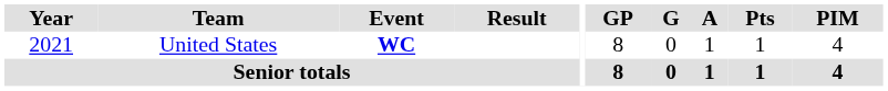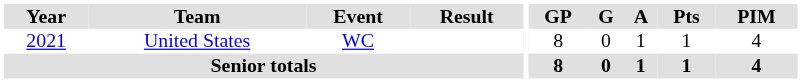 <table border="0" cellpadding="1" cellspacing="0" ID="Table3" style="text-align:center; width:40em">
 <tr ALIGN="center" bgcolor="#e0e0e0">
 <th>Year</th>
 <th>Team</th>
 <th>Event</th>
 <th>Result</th>
 <th rowspan="99" bgcolor="#ffffff"></th>
 <th>GP</th>
 <th>G</th>
 <th>A</th>
 <th>Pts</th>
 <th>PIM</th>
 </tr>
 <tr>
 <td><a href='#'>2021</a></td>
 <td><a href='#'>United States</a></td>
-<td><strong><a href='#'>WC</a></strong></td>
+<td><a href='#'>WC</a></td>
 <td></td>
 <td>8</td>
 <td>0</td>
 <td>1</td>
 <td>1</td>
 <td>4</td>
 </tr>
 <tr bgcolor="#e0e0e0">
 <th colspan="4">Senior totals</th>
 <th>8</th>
 <th>0</th>
 <th>1</th>
 <th>1</th>
 <th>4</th>
 </tr>
 </table>
